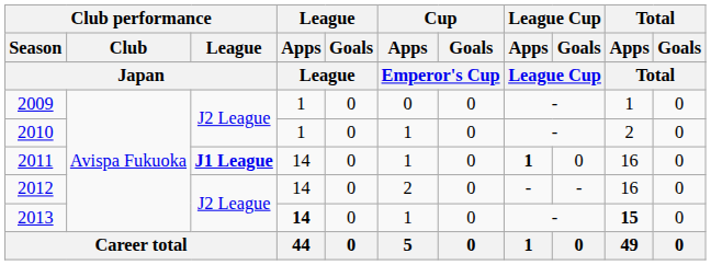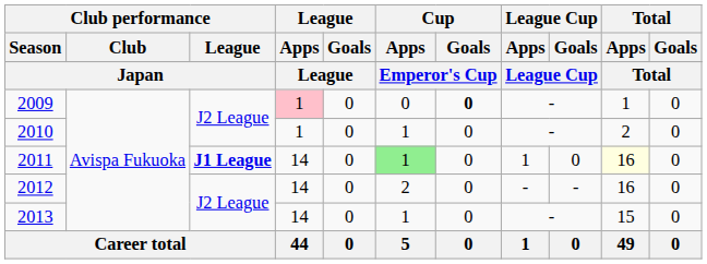 <table class="wikitable" style="text-align:center">
 <tr>
 <th colspan=3>Club performance</th>
 <th colspan=2>League</th>
 <th colspan=2>Cup</th>
 <th colspan=2>League Cup</th>
 <th colspan=2>Total</th>
 </tr>
 <tr>
 <th>Season</th>
 <th>Club</th>
 <th>League</th>
 <th>Apps</th>
 <th>Goals</th>
 <th>Apps</th>
 <th>Goals</th>
 <th>Apps</th>
 <th>Goals</th>
 <th>Apps</th>
 <th>Goals</th>
 </tr>
 <tr>
 </tr>
 <tr>
 <th colspan=3>Japan</th>
 <th colspan=2>League</th>
 <th colspan=2><a href='#'>Emperor's Cup</a></th>
 <th colspan=2><a href='#'>League Cup</a></th>
 <th colspan=2>Total</th>
 </tr>
 <tr>
 <td><a href='#'>2009</a></td>
 <td rowspan="5"><a href='#'>Avispa Fukuoka</a></td>
 <td rowspan="2"><a href='#'>J2 League</a></td>
-<td>1</td>
+<td style="background: pink;">1</td>
 <td>0</td>
 <td>0</td>
-<td>0</td>
+<td><strong>0</strong></td>
 <td colspan="2">-</td>
 <td>1</td>
 <td>0</td>
 </tr>
 <tr>
 <td><a href='#'>2010</a></td>
 <td>1</td>
 <td>0</td>
 <td>1</td>
 <td>0</td>
 <td colspan="2">-</td>
 <td>2</td>
 <td>0</td>
 </tr>
 <tr>
 <td><a href='#'>2011</a></td>
 <td><strong><a href='#'>J1 League</a></strong></td>
 <td>14</td>
 <td>0</td>
+<td style="background: lightgreen;">1</td>
+<td>0</td>
 <td>1</td>
 <td>0</td>
-<td><strong>1</strong></td>
-<td>0</td>
-<td>16</td>
+<td style="background: lightyellow;">16</td>
 <td>0</td>
 </tr>
 <tr>
 <td><a href='#'>2012</a></td>
 <td rowspan="2"><a href='#'>J2 League</a></td>
 <td>14</td>
 <td>0</td>
 <td>2</td>
 <td>0</td>
 <td>-</td>
 <td>-</td>
 <td>16</td>
 <td>0</td>
 </tr>
 <tr>
 <td><a href='#'>2013</a></td>
-<td><strong>14</strong></td>
+<td>14</td>
 <td>0</td>
 <td>1</td>
 <td>0</td>
 <td colspan="2">-</td>
-<td><strong>15</strong></td>
+<td>15</td>
 <td>0</td>
 </tr>
 <tr>
 <th colspan=3>Career total</th>
 <th>44</th>
 <th>0</th>
 <th>5</th>
 <th>0</th>
 <th>1</th>
 <th>0</th>
 <th>49</th>
 <th>0</th>
 </tr>
 </table>
